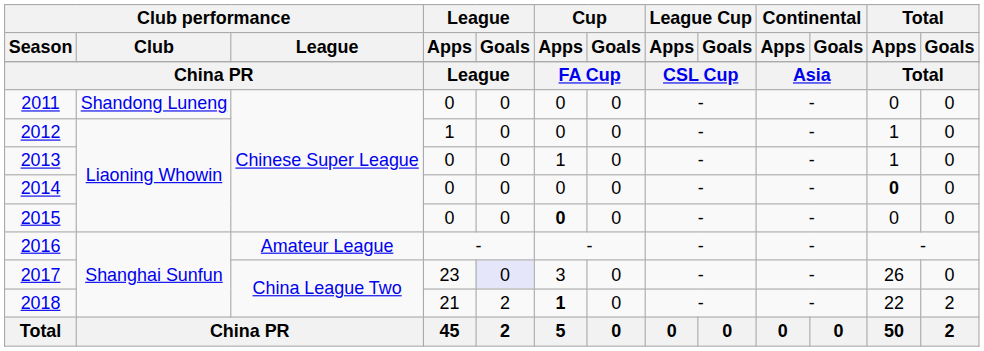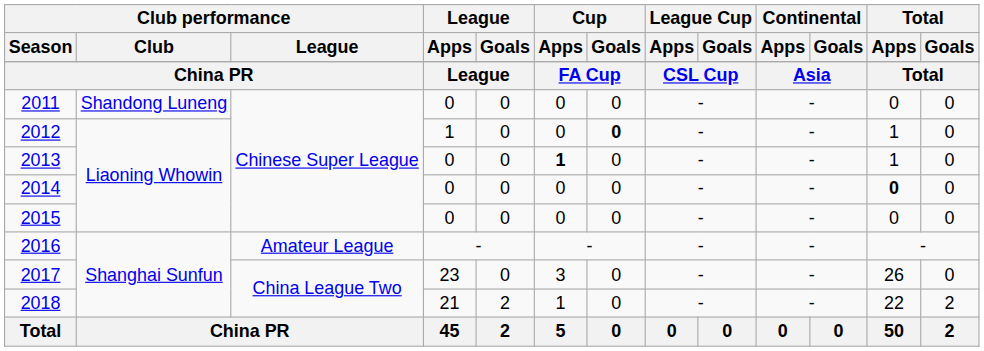 <table class="wikitable" style="text-align:center">
 <tr>
 <th colspan=3>Club performance</th>
 <th colspan=2>League</th>
 <th colspan=2>Cup</th>
 <th colspan=2>League Cup</th>
 <th colspan=2>Continental</th>
 <th colspan=2>Total</th>
 </tr>
 <tr>
 <th>Season</th>
 <th>Club</th>
 <th>League</th>
 <th>Apps</th>
 <th>Goals</th>
 <th>Apps</th>
 <th>Goals</th>
 <th>Apps</th>
 <th>Goals</th>
 <th>Apps</th>
 <th>Goals</th>
 <th>Apps</th>
 <th>Goals</th>
 </tr>
 <tr>
 </tr>
 <tr>
 <th colspan=3>China PR</th>
 <th colspan=2>League</th>
 <th colspan=2><a href='#'>FA Cup</a></th>
 <th colspan=2><a href='#'>CSL Cup</a></th>
 <th colspan=2><a href='#'>Asia</a></th>
 <th colspan=2>Total</th>
 </tr>
 <tr>
 <td><a href='#'>2011</a></td>
 <td rowspan="1"><a href='#'>Shandong Luneng</a></td>
 <td rowspan="5"><a href='#'>Chinese Super League</a></td>
 <td>0</td>
 <td>0</td>
 <td>0</td>
 <td>0</td>
 <td colspan="2">-</td>
 <td colspan="2">-</td>
 <td>0</td>
 <td>0</td>
 </tr>
 <tr>
 <td><a href='#'>2012</a></td>
 <td rowspan="4"><a href='#'>Liaoning Whowin</a></td>
 <td>1</td>
 <td>0</td>
 <td>0</td>
-<td>0</td>
+<td><strong>0</strong></td>
 <td colspan="2">-</td>
 <td colspan="2">-</td>
 <td>1</td>
 <td>0</td>
 </tr>
 <tr>
 <td><a href='#'>2013</a></td>
 <td>0</td>
 <td>0</td>
-<td>1</td>
+<td><strong>1</strong></td>
 <td>0</td>
 <td colspan="2">-</td>
 <td colspan="2">-</td>
 <td>1</td>
 <td>0</td>
 </tr>
 <tr>
 <td><a href='#'>2014</a></td>
 <td>0</td>
 <td>0</td>
 <td>0</td>
 <td>0</td>
 <td colspan="2">-</td>
 <td colspan="2">-</td>
 <td><strong>0</strong></td>
 <td>0</td>
 </tr>
 <tr>
 <td><a href='#'>2015</a></td>
 <td>0</td>
 <td>0</td>
-<td><strong>0</strong></td>
+<td>0</td>
 <td>0</td>
 <td colspan="2">-</td>
 <td colspan="2">-</td>
 <td>0</td>
 <td>0</td>
 </tr>
 <tr>
 <td><a href='#'>2016</a></td>
 <td rowspan="3"><a href='#'>Shanghai Sunfun</a></td>
 <td rowspan="1"><a href='#'>Amateur League</a></td>
 <td colspan="2">-</td>
 <td colspan="2">-</td>
 <td colspan="2">-</td>
 <td colspan="2">-</td>
 <td colspan="2">-</td>
 </tr>
 <tr>
 <td><a href='#'>2017</a></td>
 <td rowspan="2"><a href='#'>China League Two</a></td>
 <td>23</td>
-<td style="background: lavender;">0</td>
+<td>0</td>
 <td>3</td>
 <td>0</td>
 <td colspan="2">-</td>
 <td colspan="2">-</td>
 <td>26</td>
 <td>0</td>
 </tr>
 <tr>
 <td><a href='#'>2018</a></td>
 <td>21</td>
 <td>2</td>
-<td><strong>1</strong></td>
+<td>1</td>
 <td>0</td>
 <td colspan="2">-</td>
 <td colspan="2">-</td>
 <td>22</td>
 <td>2</td>
 </tr>
 <tr>
 <th rowspan=3>Total</th>
 <th colspan=2>China PR</th>
 <th>45</th>
 <th>2</th>
 <th>5</th>
 <th>0</th>
 <th>0</th>
 <th>0</th>
 <th>0</th>
 <th>0</th>
 <th>50</th>
 <th>2</th>
 </tr>
 </table>
